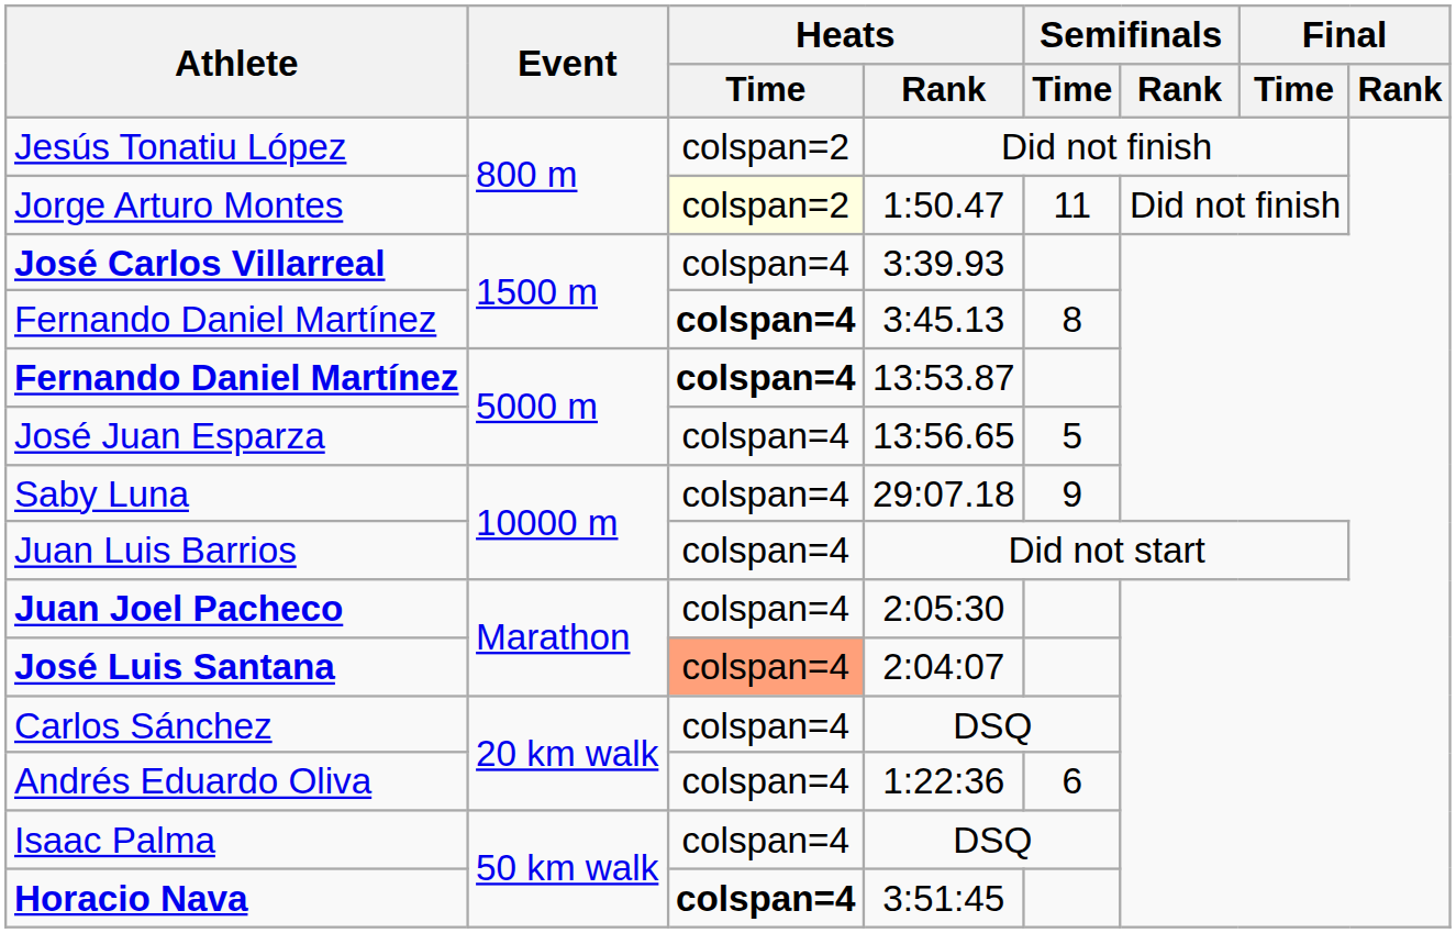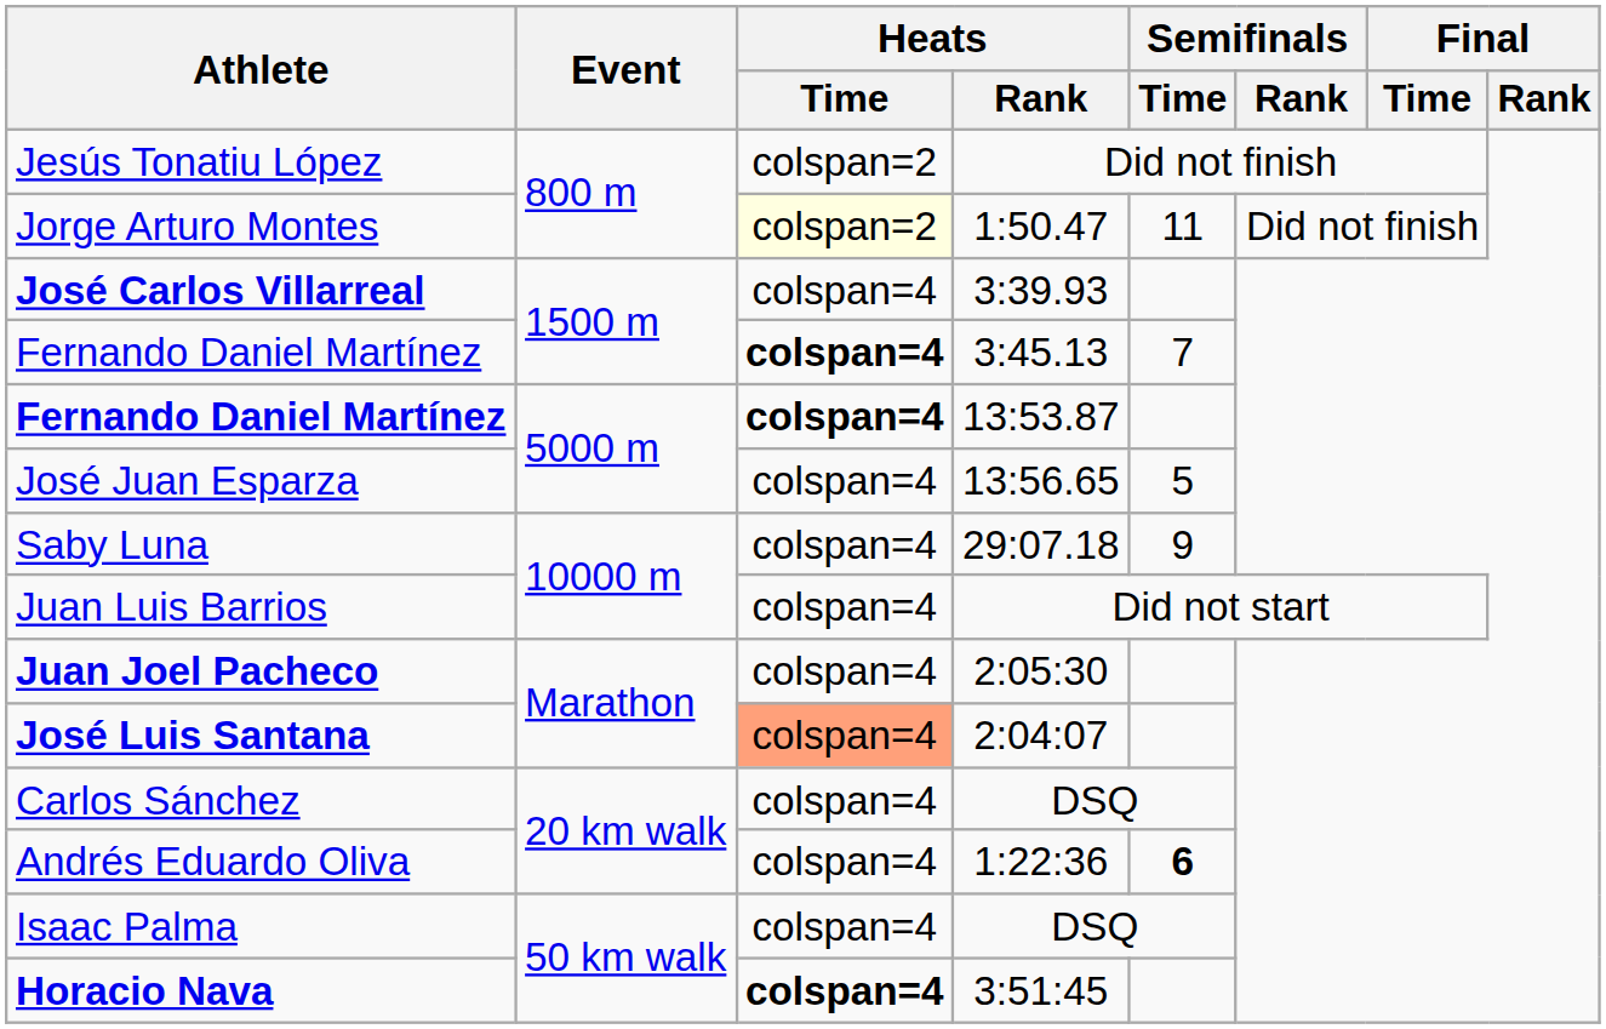 <table class=wikitable style="font-size:90%;">
 <tr>
 <th rowspan=2>Athlete</th>
 <th rowspan=2>Event</th>
 <th colspan=2>Heats</th>
 <th colspan=2>Semifinals</th>
 <th colspan=2>Final</th>
 </tr>
 <tr style="font-size:95%">
 <th>Time</th>
 <th>Rank</th>
 <th>Time</th>
 <th>Rank</th>
 <th>Time</th>
 <th>Rank</th>
 </tr>
 <tr align=center>
 <td align=left><a href='#'>Jesús Tonatiu López</a></td>
 <td align=left rowspan=2><a href='#'>800 m</a></td>
 <td>colspan=2 </td>
 <td colspan=4>Did not finish</td>
 </tr>
 <tr align=center>
 <td align=left><a href='#'>Jorge Arturo Montes</a></td>
 <td style="background: lightyellow;">colspan=2 </td>
 <td>1:50.47</td>
 <td>11</td>
 <td colspan=2>Did not finish</td>
 </tr>
 <tr align=center>
 <td align=left><strong><a href='#'>José Carlos Villarreal</a></strong></td>
 <td align=left rowspan=2><a href='#'>1500 m</a></td>
 <td>colspan=4 </td>
 <td>3:39.93</td>
 <td></td>
 </tr>
 <tr align=center>
 <td align=left><a href='#'>Fernando Daniel Martínez</a></td>
 <td><strong>colspan=4 </strong></td>
 <td>3:45.13</td>
-<td>8</td>
+<td>7</td>
 </tr>
 <tr align=center>
 <td align=left><strong><a href='#'>Fernando Daniel Martínez</a></strong></td>
 <td align=left rowspan=2><a href='#'>5000 m</a></td>
 <td><strong>colspan=4 </strong></td>
 <td>13:53.87</td>
 <td></td>
 </tr>
 <tr align=center>
 <td align=left><a href='#'>José Juan Esparza</a></td>
 <td>colspan=4 </td>
 <td>13:56.65</td>
 <td>5</td>
 </tr>
 <tr align=center>
 <td align=left><a href='#'>Saby Luna</a></td>
 <td align=left rowspan=2><a href='#'>10000 m</a></td>
 <td>colspan=4 </td>
 <td>29:07.18</td>
 <td>9</td>
 </tr>
 <tr align=center>
 <td align=left><a href='#'>Juan Luis Barrios</a></td>
 <td>colspan=4 </td>
 <td colspan=4>Did not start</td>
 </tr>
 <tr align=center>
 <td align=left><strong><a href='#'>Juan Joel Pacheco</a></strong></td>
 <td align=left rowspan=2><a href='#'>Marathon</a></td>
 <td>colspan=4 </td>
 <td>2:05:30</td>
 <td></td>
 </tr>
 <tr align=center>
 <td align=left><strong><a href='#'>José Luis Santana</a></strong></td>
 <td style="background: lightsalmon;">colspan=4 </td>
 <td>2:04:07</td>
 <td></td>
 </tr>
 <tr align=center>
 <td align=left><a href='#'>Carlos Sánchez</a></td>
 <td align=left rowspan=2><a href='#'>20 km walk</a></td>
 <td>colspan=4 </td>
 <td colspan=2>DSQ</td>
 </tr>
 <tr align=center>
 <td align=left><a href='#'>Andrés Eduardo Oliva</a></td>
 <td>colspan=4 </td>
 <td>1:22:36</td>
-<td>6</td>
+<td><strong>6</strong></td>
 </tr>
 <tr align=center>
 <td align=left><a href='#'>Isaac Palma</a></td>
 <td align=left rowspan=2><a href='#'>50 km walk</a></td>
 <td>colspan=4 </td>
 <td colspan=2>DSQ</td>
 </tr>
 <tr align=center>
 <td align=left><strong><a href='#'>Horacio Nava</a></strong></td>
 <td><strong>colspan=4 </strong></td>
 <td>3:51:45</td>
 <td></td>
 </tr>
 </table>
